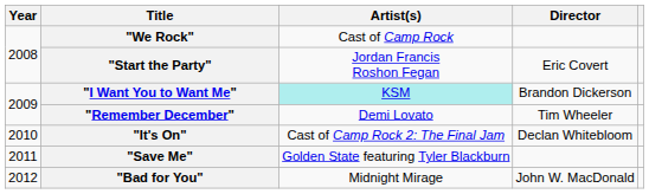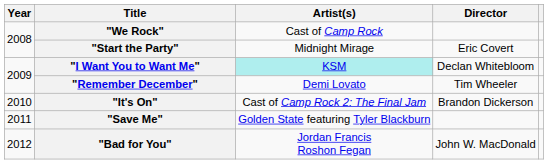 <table class="wikitable plainrowheaders" style="text-align:center;">
 <tr>
 <th>Year</th>
 <th style="width:17.5em;">Title</th>
 <th>Artist(s)</th>
 <th>Director</th>
 <th scope="col"></th>
 </tr>
 <tr>
 <td rowspan="2">2008</td>
 <th scope="row">"We Rock" </th>
 <td>Cast of <em><a href='#'>Camp Rock</a></em></td>
 <td></td>
 <td></td>
 </tr>
 <tr>
 <th scope="row">"Start the Party"</th>
-<td><a href='#'>Jordan Francis</a><br><a href='#'>Roshon Fegan</a></td>
+<td>Midnight Mirage</td>
 <td>Eric Covert</td>
 <td></td>
 </tr>
 <tr>
 <td rowspan="2">2009</td>
 <th scope="row">"<a href='#'>I Want You to Want Me</a>" </th>
 <td style="background: paleturquoise;"><a href='#'>KSM</a></td>
-<td>Brandon Dickerson</td>
+<td>Declan Whitebloom</td>
 <td></td>
 </tr>
 <tr>
 <th scope="row">"<a href='#'>Remember December</a>"</th>
 <td><a href='#'>Demi Lovato</a></td>
 <td>Tim Wheeler</td>
 <td></td>
 </tr>
 <tr>
 <td>2010</td>
 <th scope="row">"It's On"</th>
 <td>Cast of <em><a href='#'>Camp Rock 2: The Final Jam</a></em></td>
-<td>Declan Whitebloom</td>
+<td>Brandon Dickerson</td>
 <td></td>
 </tr>
 <tr>
 <td>2011</td>
 <th scope="row">"Save Me"</th>
 <td><a href='#'>Golden State</a> featuring <a href='#'>Tyler Blackburn</a></td>
 <td></td>
 <td></td>
 </tr>
 <tr>
 <td>2012</td>
 <th scope="row">"Bad for You"</th>
-<td>Midnight Mirage</td>
+<td><a href='#'>Jordan Francis</a><br><a href='#'>Roshon Fegan</a></td>
 <td>John W. MacDonald</td>
 <td></td>
 </tr>
 </table>
